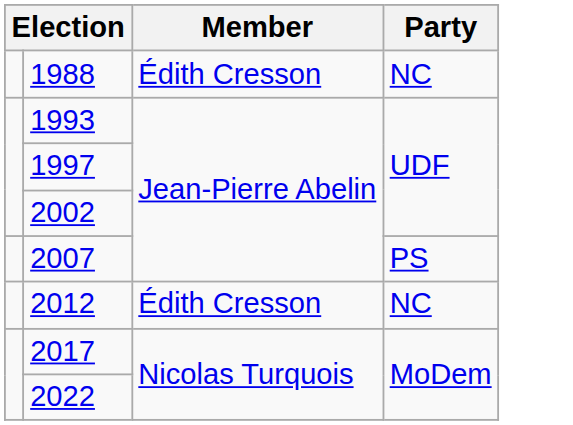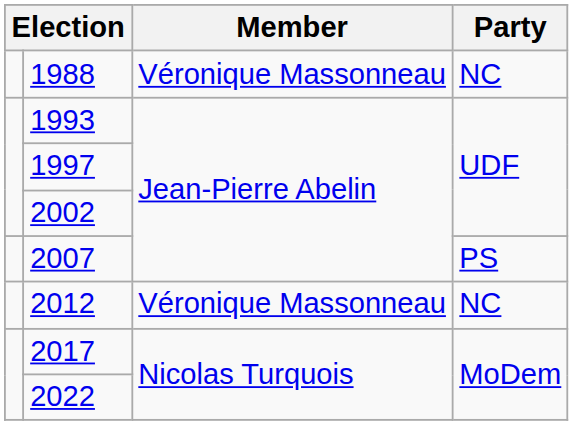 <table class="wikitable">
 <tr>
 <th colspan="2">Election</th>
 <th>Member</th>
 <th>Party</th>
 </tr>
 <tr>
 <td style="background-color: "></td>
 <td><a href='#'>1988</a></td>
-<td><a href='#'>Édith Cresson</a></td>
+<td><a href='#'>Véronique Massonneau</a></td>
 <td><a href='#'>NC</a></td>
 </tr>
 <tr>
 <td rowspan=3 style="background-color: "></td>
 <td><a href='#'>1993</a></td>
 <td rowspan=4><a href='#'>Jean-Pierre Abelin</a></td>
 <td rowspan=3><a href='#'>UDF</a></td>
 </tr>
 <tr>
 <td><a href='#'>1997</a></td>
 </tr>
 <tr>
 <td><a href='#'>2002</a></td>
 </tr>
 <tr>
 <td style="background-color: "></td>
 <td><a href='#'>2007</a></td>
 <td><a href='#'>PS</a></td>
 </tr>
 <tr>
 <td style="background-color: "></td>
 <td><a href='#'>2012</a></td>
-<td><a href='#'>Édith Cresson</a></td>
+<td><a href='#'>Véronique Massonneau</a></td>
 <td><a href='#'>NC</a></td>
 </tr>
 <tr>
 <td rowspan="2" style="background-color: "></td>
 <td><a href='#'>2017</a></td>
 <td rowspan="2"><a href='#'>Nicolas Turquois</a></td>
 <td rowspan="2"><a href='#'>MoDem</a></td>
 </tr>
 <tr>
 <td><a href='#'>2022</a></td>
 </tr>
 </table>
